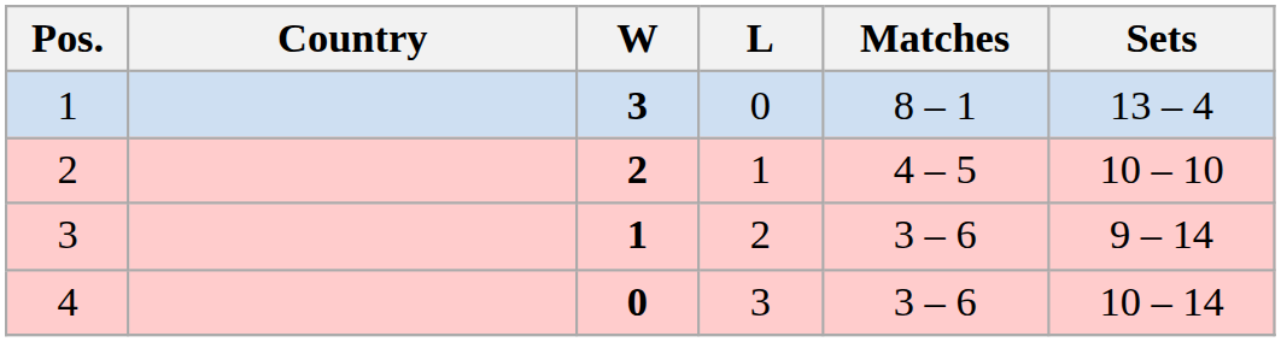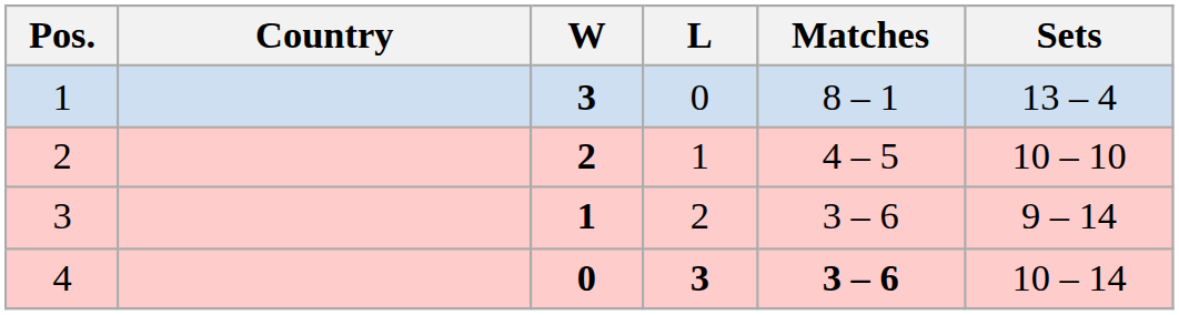 <table class="wikitable" style="text-align:center;">
 <tr>
 <th width=40>Pos.</th>
 <th width=165>Country</th>
 <th width=40>W</th>
 <th width=40>L</th>
 <th width=80>Matches</th>
 <th width=80>Sets</th>
 </tr>
 <tr style="background:#cedff2;">
 <td>1</td>
 <td style="text-align:left;"></td>
 <td><strong>3</strong></td>
 <td>0</td>
 <td>8 – 1</td>
 <td>13 – 4</td>
 </tr>
 <tr style="background:#ffcccc;">
 <td>2</td>
 <td style="text-align:left;"></td>
 <td><strong>2</strong></td>
 <td>1</td>
 <td>4 – 5</td>
 <td>10 – 10</td>
 </tr>
 <tr style="background:#ffcccc;">
 <td>3</td>
 <td style="text-align:left;"></td>
 <td><strong>1</strong></td>
 <td>2</td>
 <td>3 – 6</td>
 <td>9 – 14</td>
 </tr>
 <tr style="background:#ffcccc;">
 <td>4</td>
 <td style="text-align:left;"></td>
 <td><strong>0</strong></td>
-<td>3</td>
-<td>3 – 6</td>
+<td><strong>3</strong></td>
+<td><strong>3 – 6</strong></td>
 <td>10 – 14</td>
 </tr>
 <tr style="background:#ffcccc;">
 </tr>
 </table>
